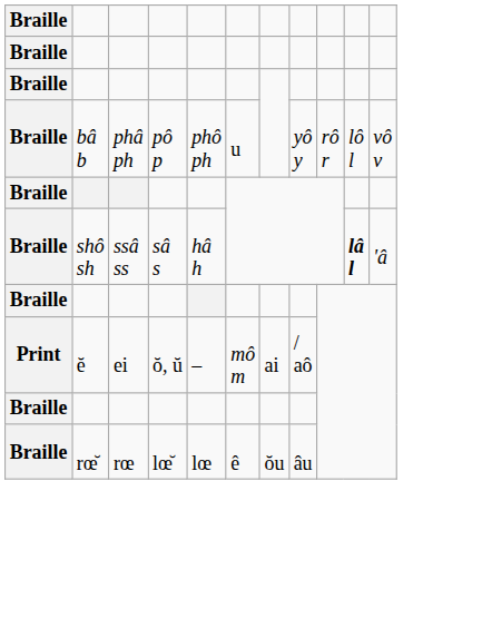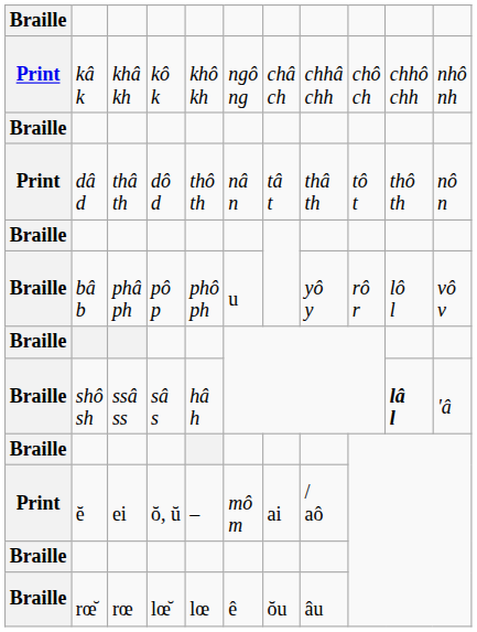 <table class="wikitable">
 <tr>
 <th>Braille</th>
 <td></td>
 <td></td>
 <td></td>
 <td></td>
 <td></td>
 <td></td>
 <td></td>
 <td></td>
 <td></td>
 <td></td>
 </tr>
 <tr>
+<th><a href='#'>Print</a></th>
+<td><br><em>kâ</em><br><em>k</em></td>
+<td><br><em>khâ</em><br><em>kh</em></td>
+<td><br><em>kô</em><br><em>k</em></td>
+<td><br><em>khô</em><br><em>kh</em></td>
+<td><br><em>ngô</em><br><em>ng</em></td>
+<td><br><em>châ</em><br><em>ch</em></td>
+<td><br><em>chhâ</em><br><em>chh</em></td>
+<td><br><em>chô</em><br><em>ch</em></td>
+<td><br><em>chhô</em><br><em>chh</em></td>
+<td><br><em>nhô</em><br><em>nh</em></td>
+</tr>
+<tr>
 <th>Braille</th>
 <td></td>
 <td></td>
 <td></td>
 <td></td>
 <td></td>
 <td></td>
 <td></td>
 <td></td>
 <td></td>
 <td></td>
+</tr>
+<tr>
+<th>Print</th>
+<td><br><em>dâ</em><br><em>d</em></td>
+<td><br><em>thâ</em><br><em>th</em></td>
+<td><br><em>dô</em><br><em>d</em></td>
+<td><br><em>thô</em><br><em>th</em></td>
+<td><br><em>nâ</em><br><em>n</em></td>
+<td><br><em>tâ</em><br><em>t</em></td>
+<td><br><em>thâ</em><br><em>th</em></td>
+<td><br><em>tô</em><br><em>t</em></td>
+<td><br><em>thô</em><br><em>th</em></td>
+<td><br><em>nô</em><br><em>n</em></td>
 </tr>
 <tr>
 <th>Braille</th>
 <td></td>
 <td></td>
 <td></td>
 <td></td>
 <td></td>
 <td rowspan=2></td>
 <td></td>
 <td></td>
 <td></td>
 <td></td>
 </tr>
 <tr>
 <th>Braille</th>
 <td><br><em>bâ</em><br><em>b</em></td>
 <td><br><em>phâ</em><br><em>ph</em></td>
 <td><br><em>pô</em><br><em>p</em></td>
 <td><br><em>phô</em><br><em>ph</em></td>
 <td><br></em>u<em></td>
 <td><br><em>yô</em><br><em>y</em></td>
 <td><br><em>rô</em><br><em>r</em></td>
 <td><br><em>lô</em><br><em>l</em></td>
 <td><br><em>vô</em><br><em>v</em></td>
 </tr>
 <tr>
 <th>Braille</th>
 <th></th>
 <th></th>
 <td></td>
 <td></td>
 <td rowspan=2 colspan=4></td>
 <td></td>
 <td></td>
 </tr>
 <tr>
 <th>Braille</th>
 <td><br><em>shô</em><br><em>sh</em></td>
 <td><br><em>ssâ</em><br><em>ss</em></td>
 <td><br><em>sâ</em><br><em>s</em></td>
 <td><br><em>hâ</em><br><em>h</em></td>
 <td><strong><br><em>lâ</em><br><em>l</em></strong></td>
 <td><br><em>'â</em><br><em><strong></td>
 </tr>
 <tr>
 <th>Braille</th>
 <td></td>
 <td></td>
 <td></td>
 <th></th>
 <td></td>
 <td></td>
 <td></td>
 </tr>
 <tr>
 <th>Print</th>
 <td><br></em>ĕ<em></td>
 <td><br></em>ei<em></td>
 <td><br></em>ŏ<em>, </em>ŭ<em></td>
 <td><br>–</td>
 <td><br><em>mô</em><br><em>m</em></td>
 <td><br></em>ai<em></td>
 <td>/<br></em>aô<em></td>
 </tr>
 <tr>
 <th>Braille</th>
 <td></td>
 <td></td>
 <td></td>
 <td></td>
 <td></td>
 <td></td>
 <td></td>
 </tr>
 <tr>
 <th>Braille</th>
 <td><br></em>rœ̆<em></td>
 <td><br></em>rœ<em></td>
 <td><br></em>lœ̆<em></td>
 <td><br></em>lœ<em></td>
 <td><br></em>ê<em></td>
 <td><br></em>ŏu<em></td>
 <td><br></em>âu<em></td>
 </tr>
 </table>
